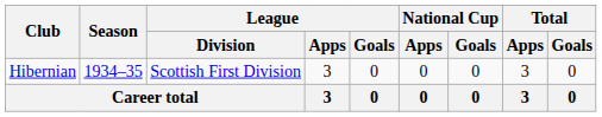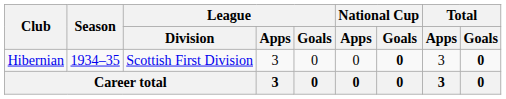 <table class="wikitable" style="text-align: center">
 <tr>
 <th rowspan="2">Club</th>
 <th rowspan="2">Season</th>
 <th colspan="3">League</th>
 <th colspan="2">National Cup</th>
 <th colspan="2">Total</th>
 </tr>
 <tr>
 <th>Division</th>
 <th>Apps</th>
 <th>Goals</th>
 <th>Apps</th>
 <th>Goals</th>
 <th>Apps</th>
 <th>Goals</th>
 </tr>
 <tr>
 <td><a href='#'>Hibernian</a></td>
 <td><a href='#'>1934–35</a></td>
 <td><a href='#'>Scottish First Division</a></td>
 <td>3</td>
 <td>0</td>
 <td>0</td>
-<td>0</td>
+<td><strong>0</strong></td>
 <td>3</td>
-<td>0</td>
+<td><strong>0</strong></td>
 </tr>
 <tr>
 <th colspan="3">Career total</th>
 <th>3</th>
 <th>0</th>
 <th>0</th>
 <th>0</th>
 <th>3</th>
 <th>0</th>
 </tr>
 </table>
